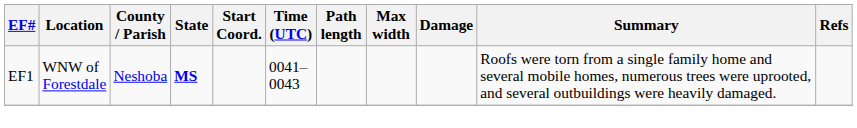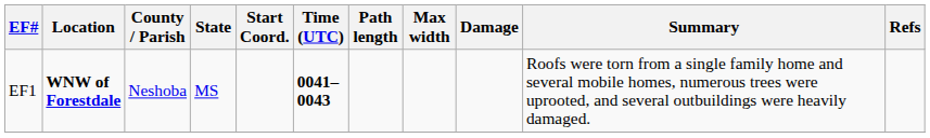 <table class="wikitable sortable" style="width:100%;">
 <tr>
 <th scope="col" width="3%" align="center"><a href='#'>EF#</a></th>
 <th scope="col" width="7%" align="center" class="unsortable">Location</th>
 <th scope="col" width="6%" align="center" class="unsortable">County / Parish</th>
 <th scope="col" width="5%" align="center">State</th>
 <th scope="col" width="6%" align="center">Start Coord.</th>
 <th scope="col" width="6%" align="center">Time (<a href='#'>UTC</a>)</th>
 <th scope="col" width="6%" align="center">Path length</th>
 <th scope="col" width="6%" align="center">Max width</th>
 <th scope="col" width="6%" align="center">Damage</th>
 <th scope="col" width="48%" class="unsortable" align="center">Summary</th>
 <th scope="col" width="48%" class="unsortable" align="center">Refs</th>
 </tr>
 <tr>
 <td>EF1</td>
-<td>WNW of <a href='#'>Forestdale</a></td>
+<td><strong>WNW of <a href='#'>Forestdale</a></strong></td>
 <td><a href='#'>Neshoba</a></td>
-<td><strong><a href='#'>MS</a></strong></td>
+<td><a href='#'>MS</a></td>
 <td></td>
-<td>0041–0043</td>
+<td><strong>0041–0043</strong></td>
 <td></td>
 <td></td>
 <td></td>
 <td>Roofs were torn from a single family home and several mobile homes, numerous trees were uprooted, and several outbuildings were heavily damaged.</td>
 <td></td>
 </tr>
 <tr>
 </tr>
 </table>
